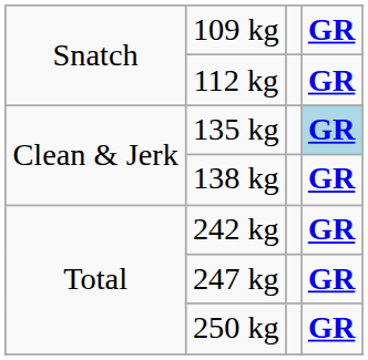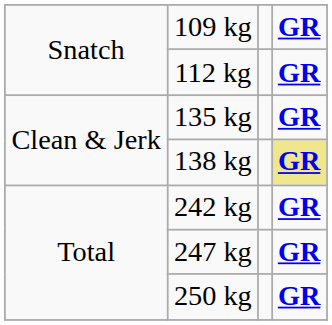 <table class = "wikitable" style="text-align:center;">
 <tr>
 <td rowspan=2>Snatch</td>
 <td>109 kg</td>
 <td align=left></td>
 <td><strong><a href='#'>GR</a></strong></td>
 </tr>
 <tr>
 <td>112 kg</td>
 <td align=left></td>
 <td><strong><a href='#'>GR</a></strong></td>
 </tr>
 <tr>
 <td rowspan=2>Clean & Jerk</td>
 <td>135 kg</td>
 <td align=left></td>
-<td style="background: lightblue;"><strong><a href='#'>GR</a></strong></td>
+<td><strong><a href='#'>GR</a></strong></td>
 </tr>
 <tr>
 <td>138 kg</td>
 <td align=left></td>
-<td><strong><a href='#'>GR</a></strong></td>
+<td style="background: khaki;"><strong><a href='#'>GR</a></strong></td>
 </tr>
 <tr>
 <td rowspan=3>Total</td>
 <td>242 kg</td>
 <td align=left></td>
 <td><strong><a href='#'>GR</a></strong></td>
 </tr>
 <tr>
 <td>247 kg</td>
 <td align=left></td>
 <td><strong><a href='#'>GR</a></strong></td>
 </tr>
 <tr>
 <td>250 kg</td>
 <td align=left></td>
 <td><strong><a href='#'>GR</a></strong></td>
 </tr>
 </table>
